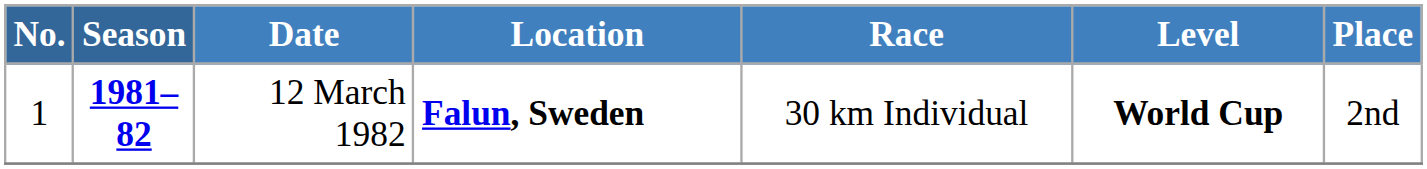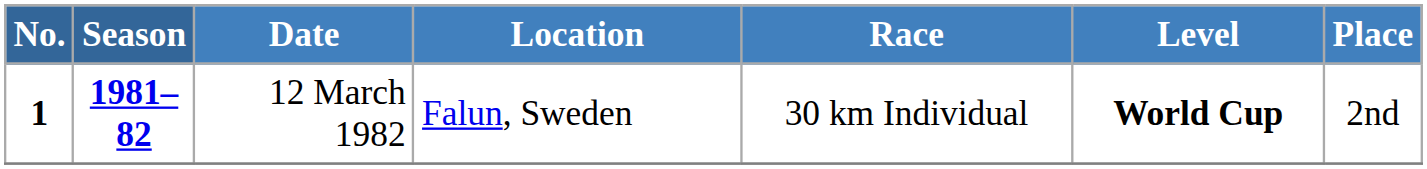 <table class="wikitable sortable" style="font-size:95%; text-align:center; border:grey solid 1px; border-collapse:collapse; background:#ffffff;">
 <tr style="background:#efefef;">
 <th style="background-color:#369; color:white;">No.</th>
 <th style="background-color:#369; color:white;">Season</th>
 <th style="background-color:#4180be; color:white; width:110px;">Date</th>
 <th style="background-color:#4180be; color:white; width:170px;">Location</th>
 <th style="background-color:#4180be; color:white; width:170px;">Race</th>
 <th style="background-color:#4180be; color:white; width:130px;">Level</th>
 <th style="background-color:#4180be; color:white;">Place</th>
 </tr>
 <tr>
-<td align=center>1</td>
+<td align=center><strong>1</strong></td>
 <td rowspan=1 align=center><strong><a href='#'>1981–82</a></strong></td>
 <td align=right>12 March 1982</td>
-<td align=left><strong> <a href='#'>Falun</a>, Sweden</strong></td>
+<td align=left> <a href='#'>Falun</a>, Sweden</td>
 <td>30 km Individual</td>
 <td><strong>World Cup</strong></td>
 <td>2nd</td>
 </tr>
 <tr>
 </tr>
 </table>
